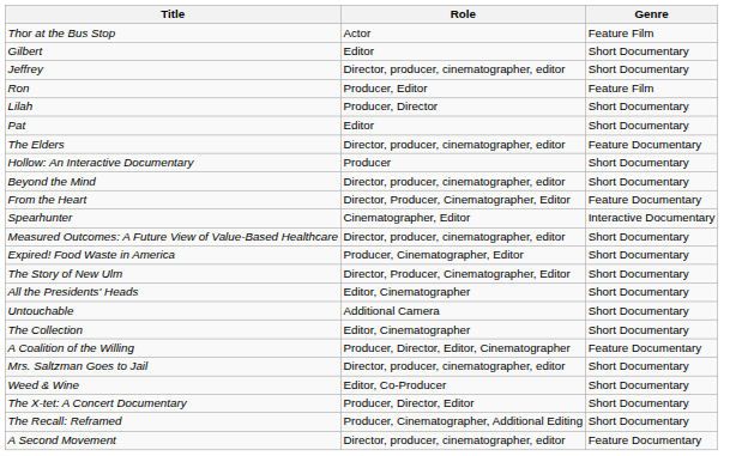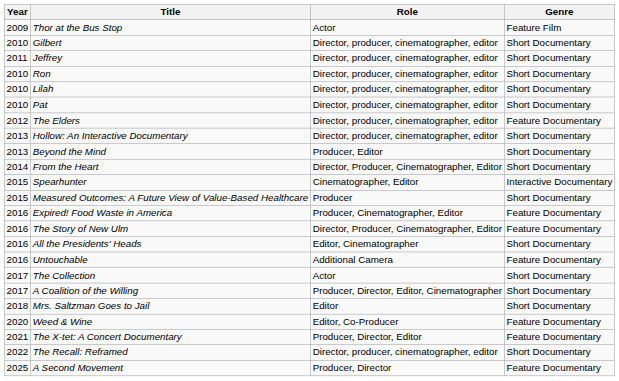 <table class="wikitable sortable" style="border:none; margin:0;">
 <tr valign="bottom">
+<th scope="col">Year</th>
 <th scope="col">Title</th>
 <th scope="col">Role</th>
 <th scope="col">Genre</th>
 </tr>
 <tr>
+<td>2009</td>
 <td><em>Thor at the Bus Stop </em></td>
 <td>Actor</td>
 <td>Feature Film</td>
 </tr>
 <tr>
+<td>2010</td>
 <td><em>Gilbert</em></td>
-<td>Editor</td>
+<td>Director, producer, cinematographer, editor</td>
 <td>Short Documentary</td>
 </tr>
 <tr>
+<td>2011</td>
 <td><em>Jeffrey</em></td>
 <td>Director, producer, cinematographer, editor</td>
 <td>Short Documentary</td>
 </tr>
 <tr>
+<td>2010</td>
 <td><em>Ron</em></td>
-<td>Producer, Editor</td>
-<td>Feature Film</td>
-</tr>
-<tr>
-<td><em>Lilah</em></td>
-<td>Producer, Director</td>
+<td>Director, producer, cinematographer, editor</td>
 <td>Short Documentary</td>
 </tr>
 <tr>
-<td><em>Pat</em></td>
-<td>Editor</td>
+<td>2010</td>
+<td><em>Lilah</em></td>
+<td>Director, producer, cinematographer, editor</td>
 <td>Short Documentary</td>
 </tr>
 <tr>
+<td>2010</td>
+<td><em>Pat</em></td>
+<td>Director, producer, cinematographer, editor</td>
+<td>Short Documentary</td>
+</tr>
+<tr>
+<td>2012</td>
 <td><em>The Elders</em></td>
 <td>Director, producer, cinematographer, editor</td>
 <td>Feature Documentary</td>
 </tr>
 <tr>
+<td>2013</td>
 <td><em>Hollow: An Interactive Documentary </em></td>
-<td>Producer</td>
-<td>Short Documentary</td>
-</tr>
-<tr>
-<td><em>Beyond the Mind </em></td>
 <td>Director, producer, cinematographer, editor</td>
 <td>Short Documentary</td>
 </tr>
 <tr>
+<td>2013</td>
+<td><em>Beyond the Mind </em></td>
+<td>Producer, Editor</td>
+<td>Short Documentary</td>
+</tr>
+<tr>
+<td>2014</td>
 <td><em>From the Heart</em></td>
 <td>Director, Producer, Cinematographer, Editor</td>
-<td>Feature Documentary</td>
+<td>Short Documentary</td>
 </tr>
 <tr>
+<td>2015</td>
 <td><em>Spearhunter</em></td>
 <td>Cinematographer, Editor</td>
 <td>Interactive Documentary</td>
 </tr>
 <tr>
+<td>2015</td>
 <td><em>Measured Outcomes: A Future View of Value-Based Healthcare </em></td>
-<td>Director, producer, cinematographer, editor</td>
+<td>Producer</td>
 <td>Short Documentary</td>
 </tr>
 <tr>
+<td>2016</td>
 <td><em>Expired! Food Waste in America</em></td>
 <td>Producer, Cinematographer, Editor</td>
-<td>Short Documentary</td>
+<td>Feature Documentary</td>
 </tr>
 <tr>
+<td>2016</td>
 <td><em>The Story of New Ulm</em></td>
 <td>Director, Producer, Cinematographer, Editor</td>
-<td>Short Documentary</td>
+<td>Feature Documentary</td>
 </tr>
 <tr>
+<td>2016</td>
 <td><em>All the Presidents' Heads</em></td>
 <td>Editor, Cinematographer</td>
 <td>Short Documentary</td>
 </tr>
 <tr>
+<td>2016</td>
 <td><em>Untouchable</em></td>
 <td>Additional Camera</td>
+<td>Feature Documentary</td>
+</tr>
+<tr>
+<td>2017</td>
+<td><em>The Collection</em></td>
+<td>Actor</td>
 <td>Short Documentary</td>
 </tr>
 <tr>
-<td><em>The Collection</em></td>
-<td>Editor, Cinematographer</td>
+<td>2017</td>
+<td><em>A Coalition of the Willing</em></td>
+<td>Producer, Director, Editor, Cinematographer</td>
 <td>Short Documentary</td>
 </tr>
 <tr>
-<td><em>A Coalition of the Willing</em></td>
-<td>Producer, Director, Editor, Cinematographer</td>
+<td>2018</td>
+<td><em>Mrs. Saltzman Goes to Jail</em></td>
+<td>Editor</td>
+<td>Short Documentary</td>
+</tr>
+<tr>
+<td>2020</td>
+<td><em>Weed & Wine</em></td>
+<td>Editor, Co-Producer</td>
 <td>Feature Documentary</td>
 </tr>
 <tr>
-<td><em>Mrs. Saltzman Goes to Jail</em></td>
+<td>2021</td>
+<td><em>The X-tet: A Concert Documentary</em></td>
+<td>Producer, Director, Editor</td>
+<td>Feature Documentary</td>
+</tr>
+<tr>
+<td>2022</td>
+<td><em>The Recall: Reframed</em></td>
 <td>Director, producer, cinematographer, editor</td>
 <td>Short Documentary</td>
 </tr>
 <tr>
-<td><em>Weed & Wine</em></td>
-<td>Editor, Co-Producer</td>
-<td>Short Documentary</td>
-</tr>
-<tr>
-<td><em>The X-tet: A Concert Documentary</em></td>
-<td>Producer, Director, Editor</td>
-<td>Short Documentary</td>
-</tr>
-<tr>
-<td><em>The Recall: Reframed</em></td>
-<td>Producer, Cinematographer, Additional Editing</td>
-<td>Short Documentary</td>
-</tr>
-<tr>
+<td>2025</td>
 <td><em>A Second Movement</em></td>
-<td>Director, producer, cinematographer, editor</td>
+<td>Producer, Director</td>
 <td>Feature Documentary</td>
 </tr>
 </table>
